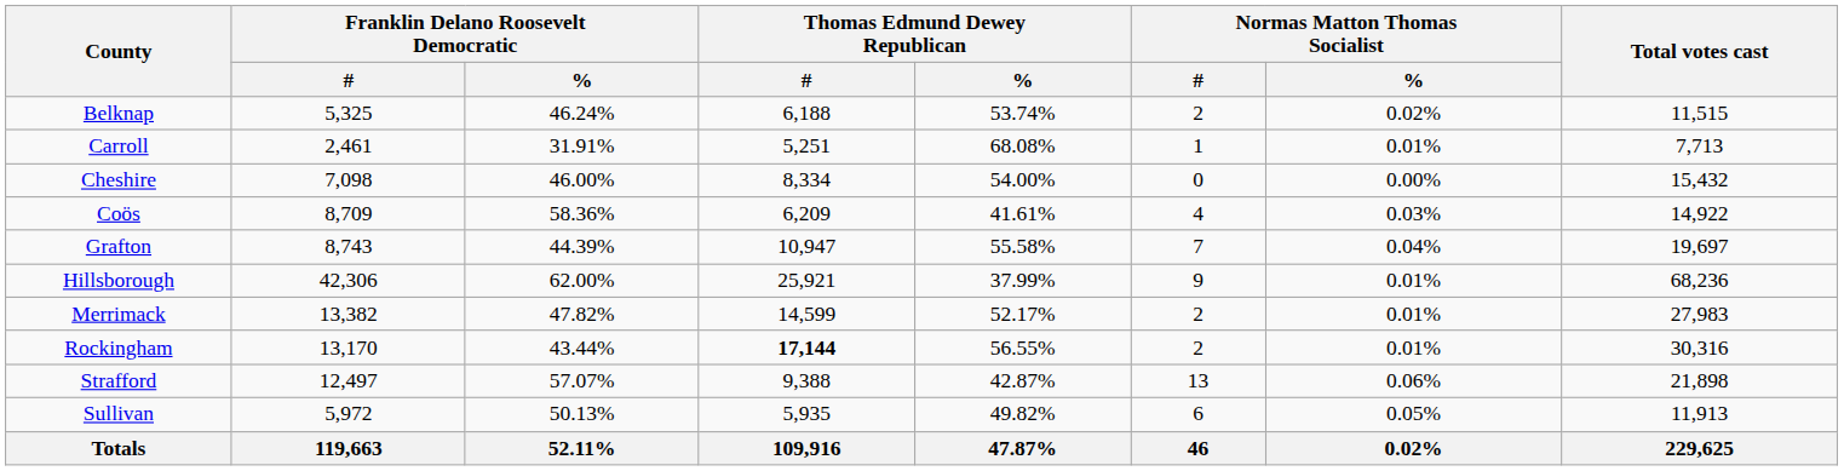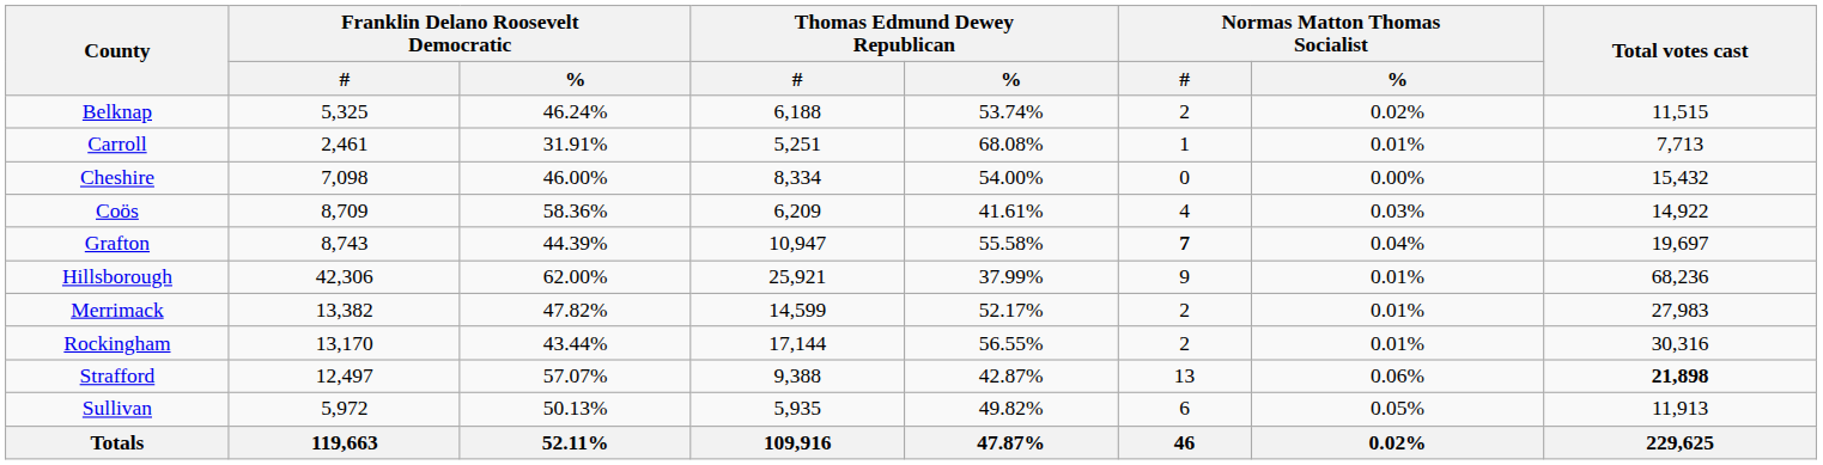 <table width="70%" class="wikitable sortable">
 <tr>
 <th rowspan="2">County</th>
 <th colspan="2">Franklin Delano Roosevelt<br>Democratic</th>
 <th colspan="2">Thomas Edmund Dewey<br>Republican</th>
 <th colspan="2">Normas Matton Thomas<br>Socialist</th>
 <th rowspan="2">Total votes cast</th>
 </tr>
 <tr bgcolor="lightgrey">
 <th>#</th>
 <th>%</th>
 <th>#</th>
 <th>%</th>
 <th>#</th>
 <th>%</th>
 </tr>
 <tr style="text-align:center;">
 <td><a href='#'>Belknap</a></td>
 <td>5,325</td>
 <td>46.24%</td>
 <td>6,188</td>
 <td>53.74%</td>
 <td>2</td>
 <td>0.02%</td>
 <td>11,515</td>
 </tr>
 <tr style="text-align:center;">
 <td><a href='#'>Carroll</a></td>
 <td>2,461</td>
 <td>31.91%</td>
 <td>5,251</td>
 <td>68.08%</td>
 <td>1</td>
 <td>0.01%</td>
 <td>7,713</td>
 </tr>
 <tr style="text-align:center;">
 <td><a href='#'>Cheshire</a></td>
 <td>7,098</td>
 <td>46.00%</td>
 <td>8,334</td>
 <td>54.00%</td>
 <td>0</td>
 <td>0.00%</td>
 <td>15,432</td>
 </tr>
 <tr style="text-align:center;">
 <td><a href='#'>Coös</a></td>
 <td>8,709</td>
 <td>58.36%</td>
 <td>6,209</td>
 <td>41.61%</td>
 <td>4</td>
 <td>0.03%</td>
 <td>14,922</td>
 </tr>
 <tr style="text-align:center;">
 <td><a href='#'>Grafton</a></td>
 <td>8,743</td>
 <td>44.39%</td>
 <td>10,947</td>
 <td>55.58%</td>
-<td>7</td>
+<td><strong>7</strong></td>
 <td>0.04%</td>
 <td>19,697</td>
 </tr>
 <tr style="text-align:center;">
 <td><a href='#'>Hillsborough</a></td>
 <td>42,306</td>
 <td>62.00%</td>
 <td>25,921</td>
 <td>37.99%</td>
 <td>9</td>
 <td>0.01%</td>
 <td>68,236</td>
 </tr>
 <tr style="text-align:center;">
 <td><a href='#'>Merrimack</a></td>
 <td>13,382</td>
 <td>47.82%</td>
 <td>14,599</td>
 <td>52.17%</td>
 <td>2</td>
 <td>0.01%</td>
 <td>27,983</td>
 </tr>
 <tr style="text-align:center;">
 <td><a href='#'>Rockingham</a></td>
 <td>13,170</td>
 <td>43.44%</td>
-<td><strong>17,144</strong></td>
+<td>17,144</td>
 <td>56.55%</td>
 <td>2</td>
 <td>0.01%</td>
 <td>30,316</td>
 </tr>
 <tr style="text-align:center;">
 <td><a href='#'>Strafford</a></td>
 <td>12,497</td>
 <td>57.07%</td>
 <td>9,388</td>
 <td>42.87%</td>
 <td>13</td>
 <td>0.06%</td>
-<td>21,898</td>
+<td><strong>21,898</strong></td>
 </tr>
 <tr style="text-align:center;">
 <td><a href='#'>Sullivan</a></td>
 <td>5,972</td>
 <td>50.13%</td>
 <td>5,935</td>
 <td>49.82%</td>
 <td>6</td>
 <td>0.05%</td>
 <td>11,913</td>
 </tr>
 <tr>
 <th>Totals</th>
 <th>119,663</th>
 <th>52.11%</th>
 <th>109,916</th>
 <th>47.87%</th>
 <th>46</th>
 <th>0.02%</th>
 <th>229,625</th>
 </tr>
 </table>
